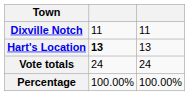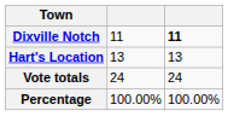 <table class="wikitable sortable" style=margin:auto;margin:auto>
 <tr valign=bottom>
 <th>Town</th>
 <th></th>
 <th></th>
 </tr>
 <tr>
 <th><a href='#'>Dixville Notch</a></th>
 <td>11</td>
-<td>11</td>
+<td><strong>11</strong></td>
 </tr>
 <tr>
 <th><a href='#'>Hart's Location</a></th>
-<td><strong>13</strong></td>
+<td>13</td>
 <td>13</td>
 </tr>
 <tr>
 <th>Vote totals</th>
 <td>24</td>
 <td>24</td>
 </tr>
 <tr>
 <th>Percentage</th>
 <td>100.00%</td>
 <td>100.00%</td>
 </tr>
 </table>
